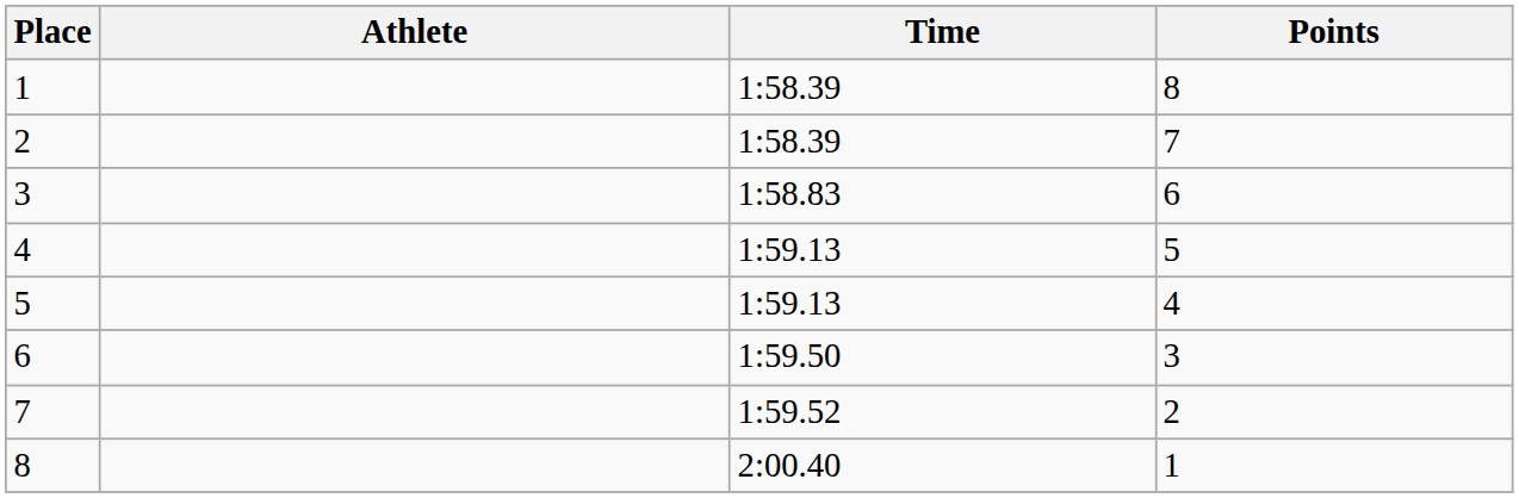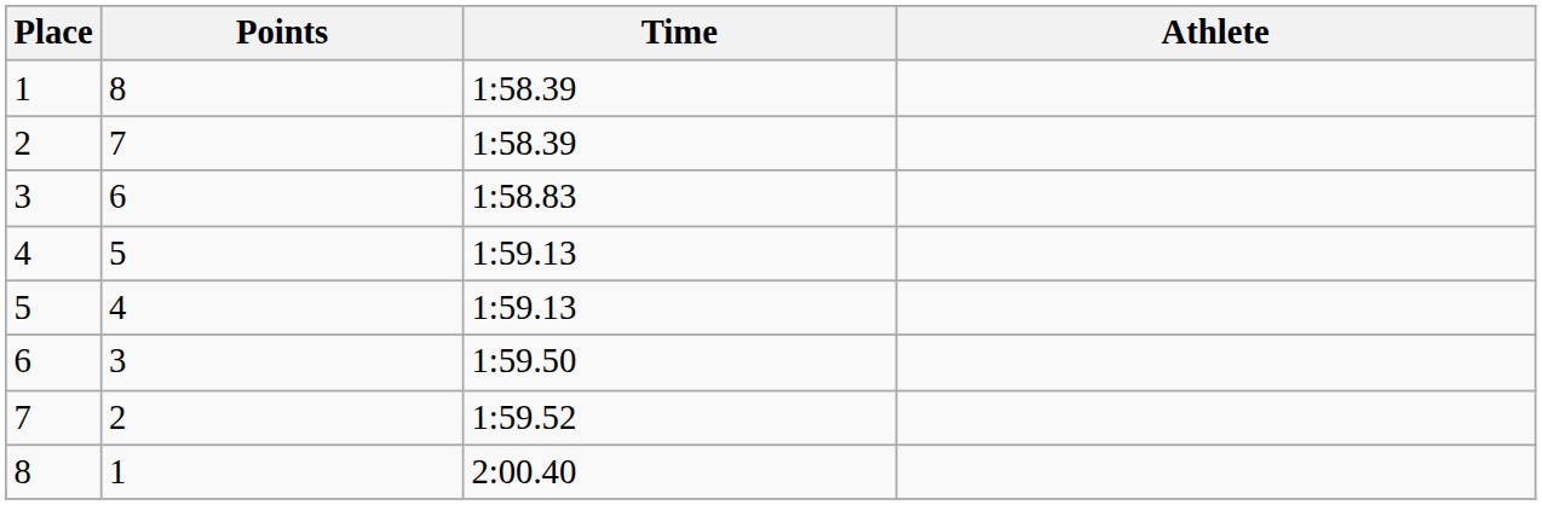 <table class=wikitable>
 <tr>
 <th>Place</th>
+<th style="width:10em">Points</th>
+<th style="width:12em">Time</th>
 <th style="width:18em">Athlete</th>
-<th style="width:12em">Time</th>
-<th style="width:10em">Points</th>
 </tr>
 <tr>
 <td>1</td>
+<td>8</td>
+<td>1:58.39</td>
 <td></td>
-<td>1:58.39</td>
-<td>8</td>
 </tr>
 <tr>
 <td>2</td>
+<td>7</td>
+<td>1:58.39</td>
 <td></td>
-<td>1:58.39</td>
-<td>7</td>
 </tr>
 <tr>
 <td>3</td>
+<td>6</td>
+<td>1:58.83</td>
 <td></td>
-<td>1:58.83</td>
-<td>6</td>
 </tr>
 <tr>
 <td>4</td>
+<td>5</td>
+<td>1:59.13</td>
 <td></td>
-<td>1:59.13</td>
-<td>5</td>
 </tr>
 <tr>
 <td>5</td>
+<td>4</td>
+<td>1:59.13</td>
 <td></td>
-<td>1:59.13</td>
-<td>4</td>
 </tr>
 <tr>
 <td>6</td>
+<td>3</td>
+<td>1:59.50</td>
 <td></td>
-<td>1:59.50</td>
-<td>3</td>
 </tr>
 <tr>
 <td>7</td>
+<td>2</td>
+<td>1:59.52 </td>
 <td></td>
-<td>1:59.52 </td>
-<td>2</td>
 </tr>
 <tr>
 <td>8</td>
+<td>1</td>
+<td>2:00.40</td>
 <td></td>
-<td>2:00.40</td>
-<td>1</td>
 </tr>
 </table>
